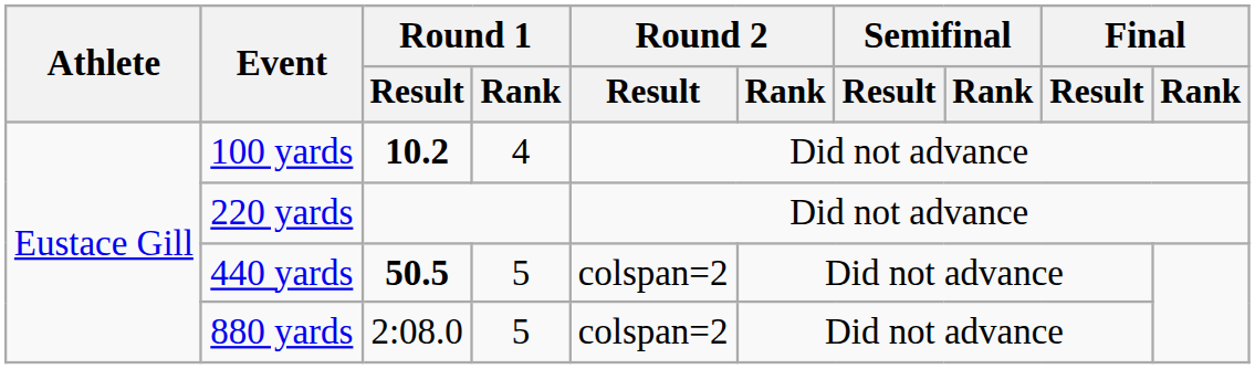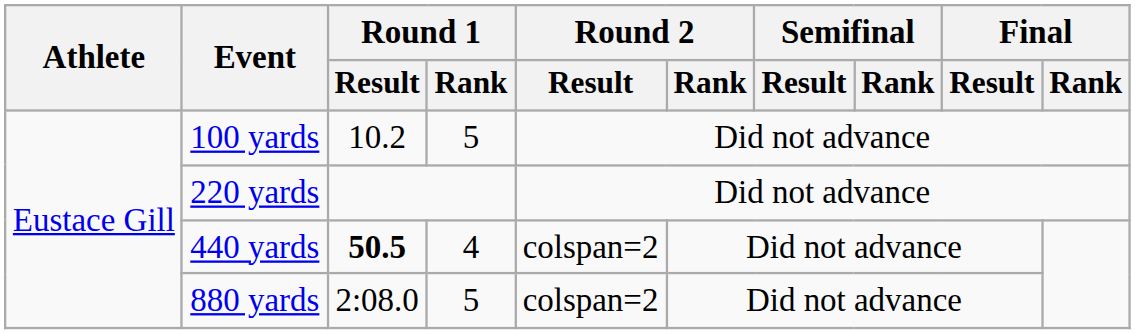 <table class=wikitable style=font-size:90%>
 <tr>
 <th rowspan=2>Athlete</th>
 <th rowspan=2>Event</th>
 <th colspan=2>Round 1</th>
 <th colspan=2>Round 2</th>
 <th colspan=2>Semifinal</th>
 <th colspan=2>Final</th>
 </tr>
 <tr style=font-size:95%>
 <th>Result</th>
 <th>Rank</th>
 <th>Result</th>
 <th>Rank</th>
 <th>Result</th>
 <th>Rank</th>
 <th>Result</th>
 <th>Rank</th>
 </tr>
 <tr align=center>
 <td rowspan=4 align=left><a href='#'>Eustace Gill</a></td>
 <td align=left><a href='#'>100 yards</a></td>
-<td><strong>10.2</strong></td>
-<td>4</td>
+<td>10.2</td>
+<td>5</td>
 <td colspan=6>Did not advance</td>
 </tr>
 <tr align=center>
 <td align=left><a href='#'>220 yards</a></td>
 <td colspan=2></td>
 <td colspan=6>Did not advance</td>
 </tr>
 <tr align=center>
 <td align=left><a href='#'>440 yards</a></td>
 <td><strong>50.5</strong></td>
-<td>5</td>
+<td>4</td>
 <td>colspan=2 </td>
 <td colspan=4>Did not advance</td>
 </tr>
 <tr align=center>
 <td align=left><a href='#'>880 yards</a></td>
 <td>2:08.0</td>
 <td>5</td>
 <td>colspan=2 </td>
 <td colspan=4>Did not advance</td>
 </tr>
 </table>
